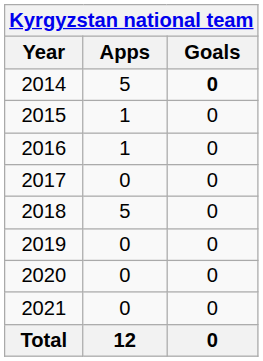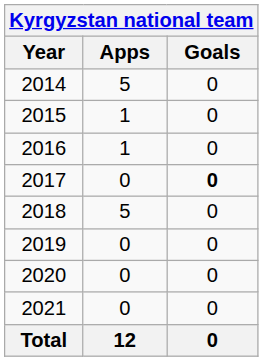 <table class="wikitable" style="text-align:center">
 <tr>
 <th colspan=3><a href='#'>Kyrgyzstan national team</a></th>
 </tr>
 <tr>
 <th>Year</th>
 <th>Apps</th>
 <th>Goals</th>
 </tr>
 <tr>
 <td>2014</td>
 <td>5</td>
-<td><strong>0</strong></td>
+<td>0</td>
 </tr>
 <tr>
 <td>2015</td>
 <td>1</td>
 <td>0</td>
 </tr>
 <tr>
 <td>2016</td>
 <td>1</td>
 <td>0</td>
 </tr>
 <tr>
 <td>2017</td>
 <td>0</td>
-<td>0</td>
+<td><strong>0</strong></td>
 </tr>
 <tr>
 <td>2018</td>
 <td>5</td>
 <td>0</td>
 </tr>
 <tr>
 <td>2019</td>
 <td>0</td>
 <td>0</td>
 </tr>
 <tr>
 <td>2020</td>
 <td>0</td>
 <td>0</td>
 </tr>
 <tr>
 <td>2021</td>
 <td>0</td>
 <td>0</td>
 </tr>
 <tr>
 <th>Total</th>
 <th>12</th>
 <th>0</th>
 </tr>
 </table>
